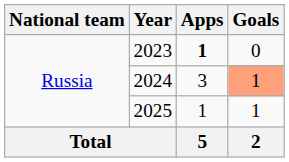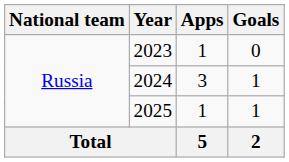 <table class="wikitable" style="text-align:center">
 <tr>
 <th>National team</th>
 <th>Year</th>
 <th>Apps</th>
 <th>Goals</th>
 </tr>
 <tr>
 <td rowspan="3"><a href='#'>Russia</a></td>
 <td>2023</td>
-<td><strong>1</strong></td>
+<td>1</td>
 <td>0</td>
 </tr>
 <tr>
 <td>2024</td>
 <td>3</td>
-<td style="background: lightsalmon;">1</td>
+<td>1</td>
 </tr>
 <tr>
 <td>2025</td>
 <td>1</td>
 <td>1</td>
 </tr>
 <tr>
 <th colspan="2">Total</th>
 <th>5</th>
 <th>2</th>
 </tr>
 </table>
